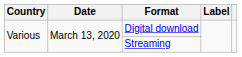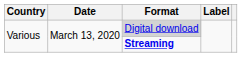 <table class="wikitable">
 <tr>
 <th>Country</th>
 <th>Date</th>
 <th>Format</th>
 <th>Label</th>
 <th></th>
 </tr>
 <tr>
 <td rowspan="3">Various</td>
 <td rowspan="2">March 13, 2020</td>
-<td><a href='#'>Digital download</a></td>
+<td style="background: lightgrey;"><a href='#'>Digital download</a></td>
 <td rowspan="2"></td>
 <td rowspan="2"></td>
 </tr>
 <tr>
-<td><a href='#'>Streaming</a></td>
+<td><strong><a href='#'>Streaming</a></strong></td>
 </tr>
 </table>
